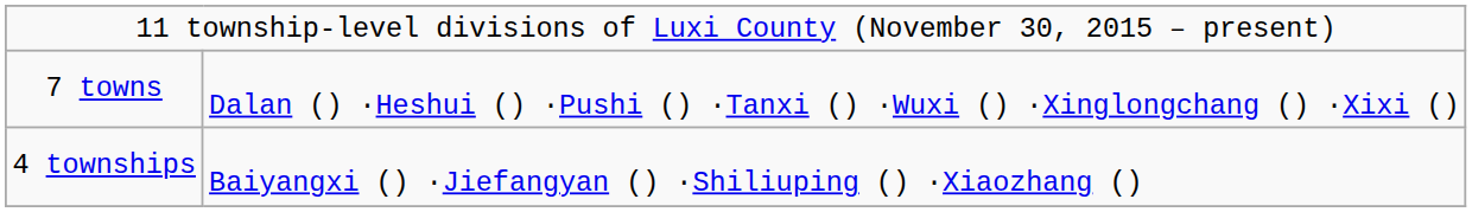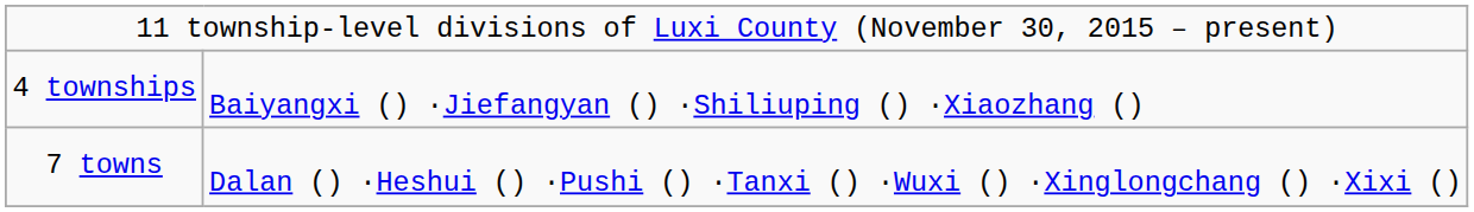 <table class="wikitable">
 <tr>
 <td style="text-align:center;" colspan="2">11 township-level divisions of <a href='#'>Luxi County</a> (November 30, 2015 – present)</td>
 </tr>
 <tr align=left>
+<td align=center>4 <a href='#'>townships</a></td>
+<td><br><a href='#'>Baiyangxi</a> () ·<a href='#'>Jiefangyan</a> () ·<a href='#'>Shiliuping</a> () ·<a href='#'>Xiaozhang</a> ()</td>
+</tr>
+<tr align=left>
 <td align=center>7 <a href='#'>towns</a></td>
 <td><br><a href='#'>Dalan</a> () ·<a href='#'>Heshui</a> () ·<a href='#'>Pushi</a> () ·<a href='#'>Tanxi</a> () ·<a href='#'>Wuxi</a> () ·<a href='#'>Xinglongchang</a> () ·<a href='#'>Xixi</a> ()</td>
 </tr>
-<tr align=left>
-<td align=center>4 <a href='#'>townships</a></td>
-<td><br><a href='#'>Baiyangxi</a> () ·<a href='#'>Jiefangyan</a> () ·<a href='#'>Shiliuping</a> () ·<a href='#'>Xiaozhang</a> ()</td>
-</tr>
 </table>
